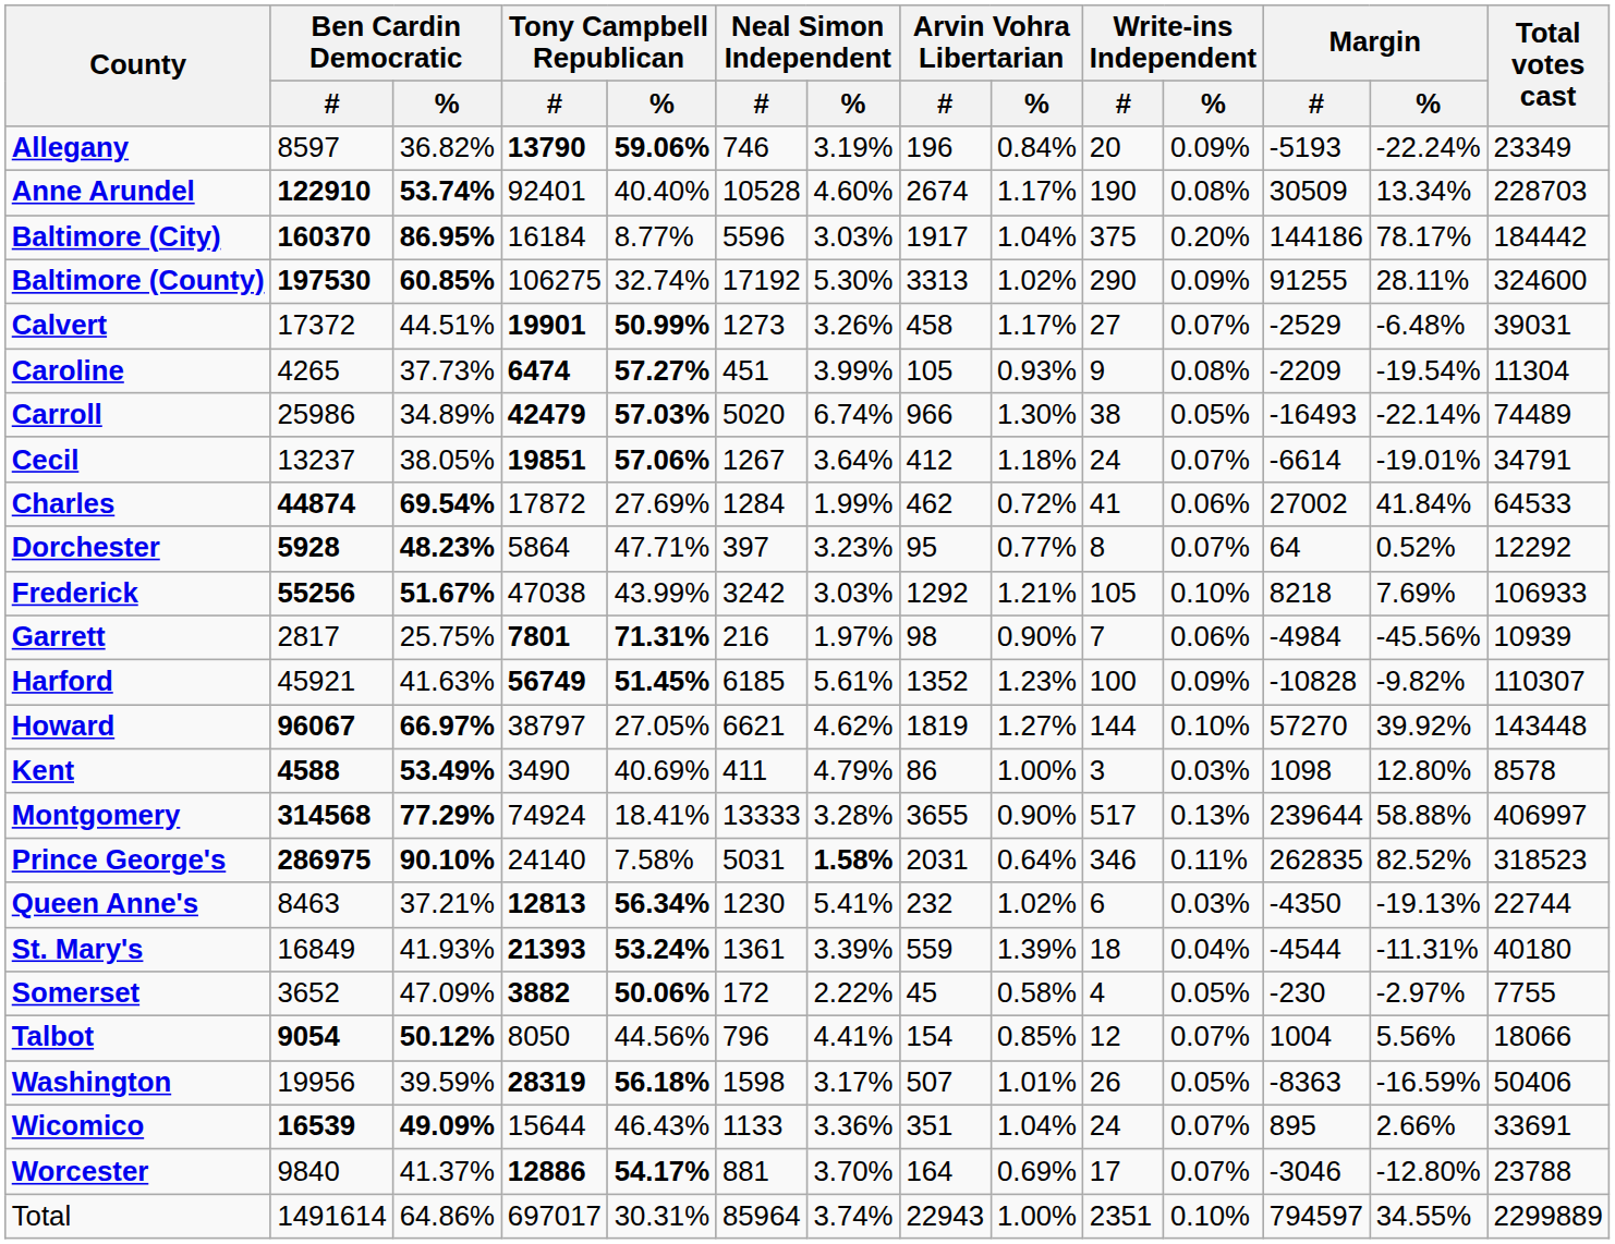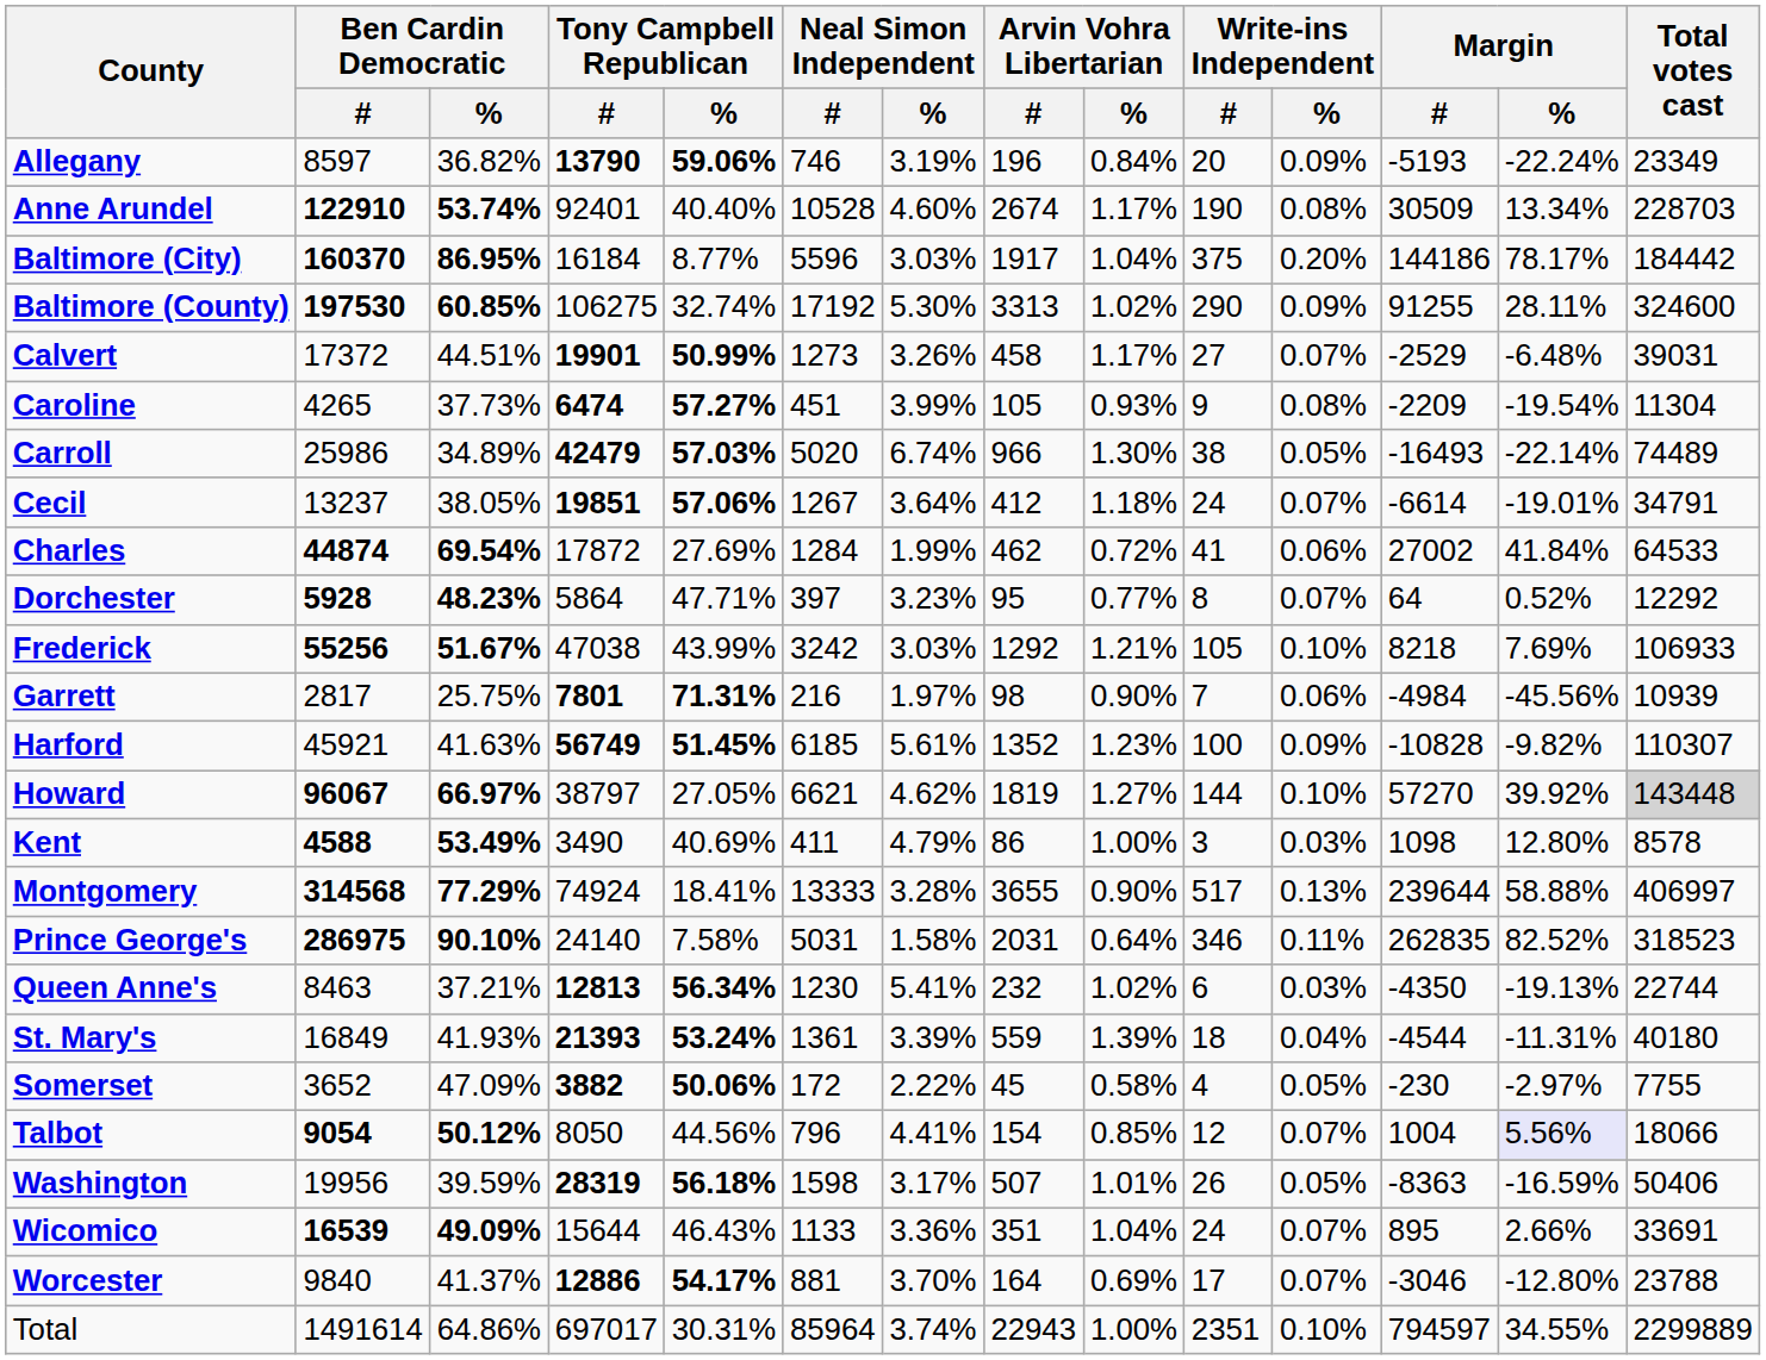 <table class="wikitable sortable">
 <tr>
 <th rowspan="2">County</th>
 <th colspan="2" >Ben Cardin<br>Democratic</th>
 <th colspan="2" >Tony Campbell<br>Republican</th>
 <th colspan="2" >Neal Simon<br>Independent</th>
 <th colspan="2" >Arvin Vohra<br>Libertarian</th>
 <th colspan="2" >Write-ins<br>Independent</th>
 <th colspan="2">Margin</th>
 <th rowspan="2">Total<br>votes<br>cast</th>
 </tr>
 <tr>
 <th>#</th>
 <th>%</th>
 <th>#</th>
 <th>%</th>
 <th>#</th>
 <th>%</th>
 <th>#</th>
 <th>%</th>
 <th>#</th>
 <th>%</th>
 <th>#</th>
 <th>%</th>
 </tr>
 <tr>
 <td><strong><a href='#'>Allegany</a></strong></td>
 <td>8597</td>
 <td>36.82%</td>
 <td><strong>13790</strong></td>
 <td><strong>59.06%</strong></td>
 <td>746</td>
 <td>3.19%</td>
 <td>196</td>
 <td>0.84%</td>
 <td>20</td>
 <td>0.09%</td>
 <td>-5193</td>
 <td>-22.24%</td>
 <td>23349</td>
 </tr>
 <tr>
 <td><strong><a href='#'>Anne Arundel</a></strong></td>
 <td><strong>122910</strong></td>
 <td><strong>53.74%</strong></td>
 <td>92401</td>
 <td>40.40%</td>
 <td>10528</td>
 <td>4.60%</td>
 <td>2674</td>
 <td>1.17%</td>
 <td>190</td>
 <td>0.08%</td>
 <td>30509</td>
 <td>13.34%</td>
 <td>228703</td>
 </tr>
 <tr>
 <td><strong><a href='#'>Baltimore (City)</a></strong></td>
 <td><strong>160370</strong></td>
 <td><strong>86.95%</strong></td>
 <td>16184</td>
 <td>8.77%</td>
 <td>5596</td>
 <td>3.03%</td>
 <td>1917</td>
 <td>1.04%</td>
 <td>375</td>
 <td>0.20%</td>
 <td>144186</td>
 <td>78.17%</td>
 <td>184442</td>
 </tr>
 <tr>
 <td><strong><a href='#'>Baltimore (County)</a></strong></td>
 <td><strong>197530</strong></td>
 <td><strong>60.85%</strong></td>
 <td>106275</td>
 <td>32.74%</td>
 <td>17192</td>
 <td>5.30%</td>
 <td>3313</td>
 <td>1.02%</td>
 <td>290</td>
 <td>0.09%</td>
 <td>91255</td>
 <td>28.11%</td>
 <td>324600</td>
 </tr>
 <tr>
 <td><strong><a href='#'>Calvert</a></strong></td>
 <td>17372</td>
 <td>44.51%</td>
 <td><strong>19901</strong></td>
 <td><strong>50.99%</strong></td>
 <td>1273</td>
 <td>3.26%</td>
 <td>458</td>
 <td>1.17%</td>
 <td>27</td>
 <td>0.07%</td>
 <td>-2529</td>
 <td>-6.48%</td>
 <td>39031</td>
 </tr>
 <tr>
 <td><strong><a href='#'>Caroline</a></strong></td>
 <td>4265</td>
 <td>37.73%</td>
 <td><strong>6474</strong></td>
 <td><strong>57.27%</strong></td>
 <td>451</td>
 <td>3.99%</td>
 <td>105</td>
 <td>0.93%</td>
 <td>9</td>
 <td>0.08%</td>
 <td>-2209</td>
 <td>-19.54%</td>
 <td>11304</td>
 </tr>
 <tr>
 <td><strong><a href='#'>Carroll</a></strong></td>
 <td>25986</td>
 <td>34.89%</td>
 <td><strong>42479</strong></td>
 <td><strong>57.03%</strong></td>
 <td>5020</td>
 <td>6.74%</td>
 <td>966</td>
 <td>1.30%</td>
 <td>38</td>
 <td>0.05%</td>
 <td>-16493</td>
 <td>-22.14%</td>
 <td>74489</td>
 </tr>
 <tr>
 <td><strong><a href='#'>Cecil</a></strong></td>
 <td>13237</td>
 <td>38.05%</td>
 <td><strong>19851</strong></td>
 <td><strong>57.06%</strong></td>
 <td>1267</td>
 <td>3.64%</td>
 <td>412</td>
 <td>1.18%</td>
 <td>24</td>
 <td>0.07%</td>
 <td>-6614</td>
 <td>-19.01%</td>
 <td>34791</td>
 </tr>
 <tr>
 <td><strong><a href='#'>Charles</a></strong></td>
 <td><strong>44874</strong></td>
 <td><strong>69.54%</strong></td>
 <td>17872</td>
 <td>27.69%</td>
 <td>1284</td>
 <td>1.99%</td>
 <td>462</td>
 <td>0.72%</td>
 <td>41</td>
 <td>0.06%</td>
 <td>27002</td>
 <td>41.84%</td>
 <td>64533</td>
 </tr>
 <tr>
 <td><strong><a href='#'>Dorchester</a></strong></td>
 <td><strong>5928</strong></td>
 <td><strong>48.23%</strong></td>
 <td>5864</td>
 <td>47.71%</td>
 <td>397</td>
 <td>3.23%</td>
 <td>95</td>
 <td>0.77%</td>
 <td>8</td>
 <td>0.07%</td>
 <td>64</td>
 <td>0.52%</td>
 <td>12292</td>
 </tr>
 <tr>
 <td><strong><a href='#'>Frederick</a></strong></td>
 <td><strong>55256</strong></td>
 <td><strong>51.67%</strong></td>
 <td>47038</td>
 <td>43.99%</td>
 <td>3242</td>
 <td>3.03%</td>
 <td>1292</td>
 <td>1.21%</td>
 <td>105</td>
 <td>0.10%</td>
 <td>8218</td>
 <td>7.69%</td>
 <td>106933</td>
 </tr>
 <tr>
 <td><strong><a href='#'>Garrett</a></strong></td>
 <td>2817</td>
 <td>25.75%</td>
 <td><strong>7801</strong></td>
 <td><strong>71.31%</strong></td>
 <td>216</td>
 <td>1.97%</td>
 <td>98</td>
 <td>0.90%</td>
 <td>7</td>
 <td>0.06%</td>
 <td>-4984</td>
 <td>-45.56%</td>
 <td>10939</td>
 </tr>
 <tr>
 <td><strong><a href='#'>Harford</a></strong></td>
 <td>45921</td>
 <td>41.63%</td>
 <td><strong>56749</strong></td>
 <td><strong>51.45%</strong></td>
 <td>6185</td>
 <td>5.61%</td>
 <td>1352</td>
 <td>1.23%</td>
 <td>100</td>
 <td>0.09%</td>
 <td>-10828</td>
 <td>-9.82%</td>
 <td>110307</td>
 </tr>
 <tr>
 <td><strong><a href='#'>Howard</a></strong></td>
 <td><strong>96067</strong></td>
 <td><strong>66.97%</strong></td>
 <td>38797</td>
 <td>27.05%</td>
 <td>6621</td>
 <td>4.62%</td>
 <td>1819</td>
 <td>1.27%</td>
 <td>144</td>
 <td>0.10%</td>
 <td>57270</td>
 <td>39.92%</td>
-<td>143448</td>
+<td style="background: lightgrey;">143448</td>
 </tr>
 <tr>
 <td><strong><a href='#'>Kent</a></strong></td>
 <td><strong>4588</strong></td>
 <td><strong>53.49%</strong></td>
 <td>3490</td>
 <td>40.69%</td>
 <td>411</td>
 <td>4.79%</td>
 <td>86</td>
 <td>1.00%</td>
 <td>3</td>
 <td>0.03%</td>
 <td>1098</td>
 <td>12.80%</td>
 <td>8578</td>
 </tr>
 <tr>
 <td><strong><a href='#'>Montgomery</a></strong></td>
 <td><strong>314568</strong></td>
 <td><strong>77.29%</strong></td>
 <td>74924</td>
 <td>18.41%</td>
 <td>13333</td>
 <td>3.28%</td>
 <td>3655</td>
 <td>0.90%</td>
 <td>517</td>
 <td>0.13%</td>
 <td>239644</td>
 <td>58.88%</td>
 <td>406997</td>
 </tr>
 <tr>
 <td><strong><a href='#'>Prince George's</a></strong></td>
 <td><strong>286975</strong></td>
 <td><strong>90.10%</strong></td>
 <td>24140</td>
 <td>7.58%</td>
 <td>5031</td>
-<td><strong>1.58%</strong></td>
+<td>1.58%</td>
 <td>2031</td>
 <td>0.64%</td>
 <td>346</td>
 <td>0.11%</td>
 <td>262835</td>
 <td>82.52%</td>
 <td>318523</td>
 </tr>
 <tr>
 <td><strong><a href='#'>Queen Anne's</a></strong></td>
 <td>8463</td>
 <td>37.21%</td>
 <td><strong>12813</strong></td>
 <td><strong>56.34%</strong></td>
 <td>1230</td>
 <td>5.41%</td>
 <td>232</td>
 <td>1.02%</td>
 <td>6</td>
 <td>0.03%</td>
 <td>-4350</td>
 <td>-19.13%</td>
 <td>22744</td>
 </tr>
 <tr>
 <td><strong><a href='#'>St. Mary's</a></strong></td>
 <td>16849</td>
 <td>41.93%</td>
 <td><strong>21393</strong></td>
 <td><strong>53.24%</strong></td>
 <td>1361</td>
 <td>3.39%</td>
 <td>559</td>
 <td>1.39%</td>
 <td>18</td>
 <td>0.04%</td>
 <td>-4544</td>
 <td>-11.31%</td>
 <td>40180</td>
 </tr>
 <tr>
 <td><strong><a href='#'>Somerset</a></strong></td>
 <td>3652</td>
 <td>47.09%</td>
 <td><strong>3882</strong></td>
 <td><strong>50.06%</strong></td>
 <td>172</td>
 <td>2.22%</td>
 <td>45</td>
 <td>0.58%</td>
 <td>4</td>
 <td>0.05%</td>
 <td>-230</td>
 <td>-2.97%</td>
 <td>7755</td>
 </tr>
 <tr>
 <td><strong><a href='#'>Talbot</a></strong></td>
 <td><strong>9054</strong></td>
 <td><strong>50.12%</strong></td>
 <td>8050</td>
 <td>44.56%</td>
 <td>796</td>
 <td>4.41%</td>
 <td>154</td>
 <td>0.85%</td>
 <td>12</td>
 <td>0.07%</td>
 <td>1004</td>
-<td>5.56%</td>
+<td style="background: lavender;">5.56%</td>
 <td>18066</td>
 </tr>
 <tr>
 <td><strong><a href='#'>Washington</a></strong></td>
 <td>19956</td>
 <td>39.59%</td>
 <td><strong>28319</strong></td>
 <td><strong>56.18%</strong></td>
 <td>1598</td>
 <td>3.17%</td>
 <td>507</td>
 <td>1.01%</td>
 <td>26</td>
 <td>0.05%</td>
 <td>-8363</td>
 <td>-16.59%</td>
 <td>50406</td>
 </tr>
 <tr>
 <td><strong><a href='#'>Wicomico</a></strong></td>
 <td><strong>16539</strong></td>
 <td><strong>49.09%</strong></td>
 <td>15644</td>
 <td>46.43%</td>
 <td>1133</td>
 <td>3.36%</td>
 <td>351</td>
 <td>1.04%</td>
 <td>24</td>
 <td>0.07%</td>
 <td>895</td>
 <td>2.66%</td>
 <td>33691</td>
 </tr>
 <tr>
 <td><strong><a href='#'>Worcester</a></strong></td>
 <td>9840</td>
 <td>41.37%</td>
 <td><strong>12886</strong></td>
 <td><strong>54.17%</strong></td>
 <td>881</td>
 <td>3.70%</td>
 <td>164</td>
 <td>0.69%</td>
 <td>17</td>
 <td>0.07%</td>
 <td>-3046</td>
 <td>-12.80%</td>
 <td>23788</td>
 </tr>
 <tr>
 <td>Total</td>
 <td>1491614</td>
 <td>64.86%</td>
 <td>697017</td>
 <td>30.31%</td>
 <td>85964</td>
 <td>3.74%</td>
 <td>22943</td>
 <td>1.00%</td>
 <td>2351</td>
 <td>0.10%</td>
 <td>794597</td>
 <td>34.55%</td>
 <td>2299889</td>
 </tr>
 </table>
